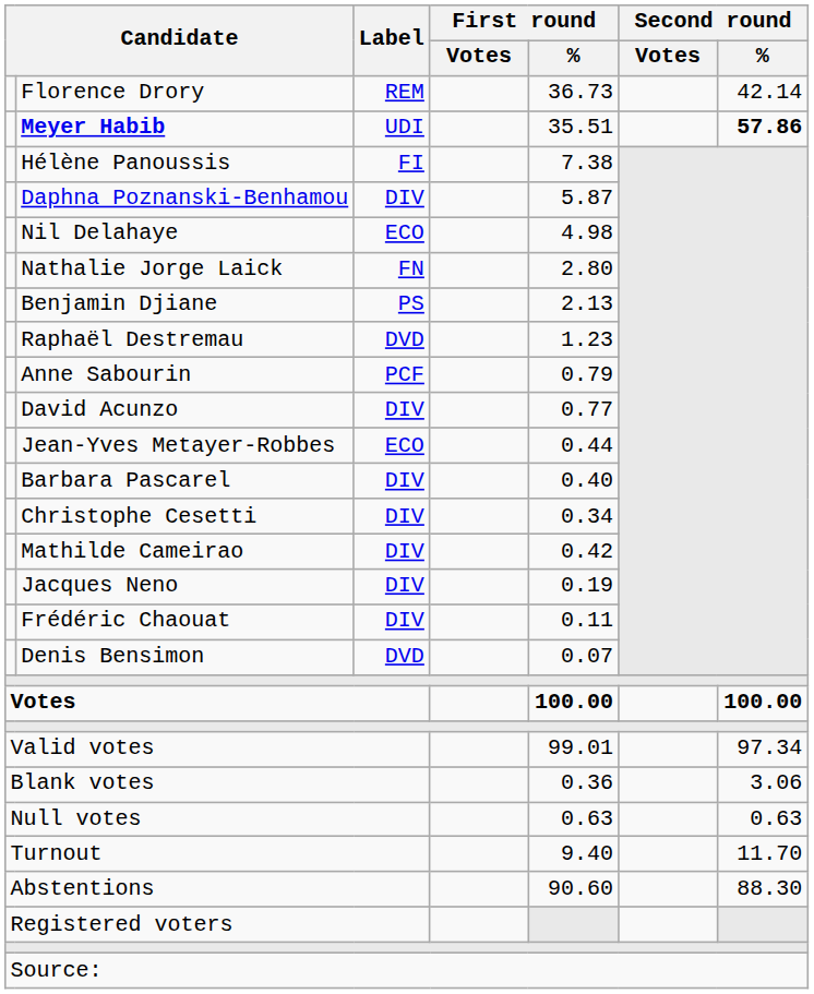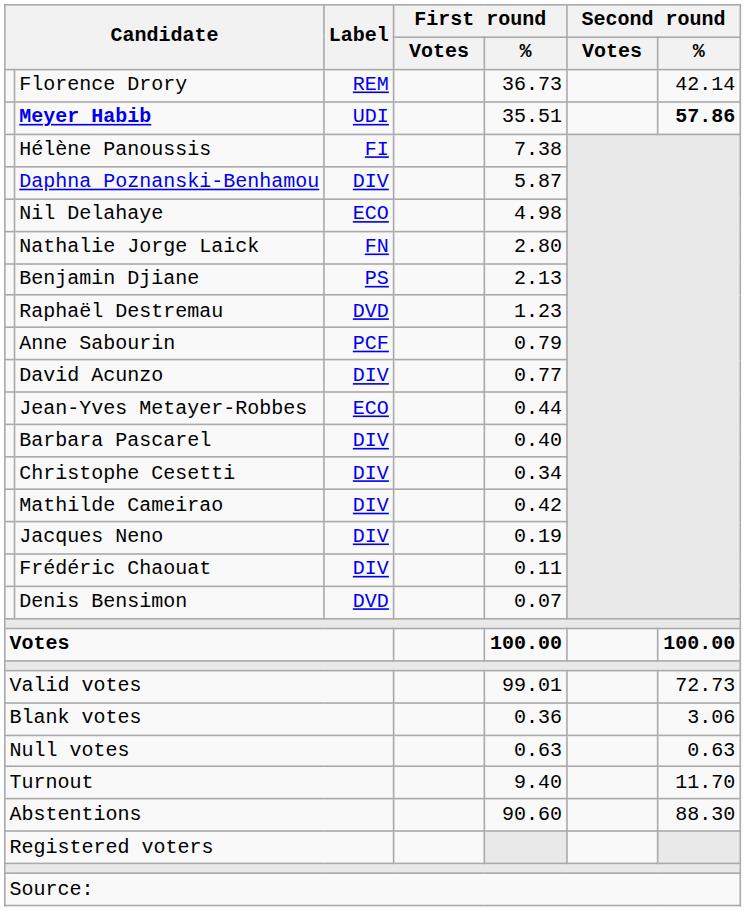 <table class="wikitable" style="text-align:right;font-size:95%;">
 <tr>
 <th rowspan="2" colspan="2">Candidate</th>
 <th rowspan="2">Label</th>
 <th colspan="2">First round</th>
 <th colspan="2">Second round</th>
 </tr>
 <tr>
 <th style="width:50px;">Votes</th>
 <th style="width:45px;">%</th>
 <th style="width:50px;">Votes</th>
 <th style="width:45px;">%</th>
 </tr>
 <tr>
 <td style="color:inherit;background:"></td>
 <td style="text-align:left;">Florence Drory</td>
 <td><a href='#'>REM</a></td>
 <td></td>
 <td>36.73</td>
 <td></td>
 <td>42.14</td>
 </tr>
 <tr>
 <td style="color:inherit;background:"></td>
 <td style="text-align:left;"><strong><a href='#'>Meyer Habib</a></strong></td>
 <td><a href='#'>UDI</a></td>
 <td></td>
 <td>35.51</td>
 <td><strong></strong></td>
 <td><strong>57.86</strong></td>
 </tr>
 <tr>
 <td style="color:inherit;background:"></td>
 <td style="text-align:left;">Hélène Panoussis</td>
 <td><a href='#'>FI</a></td>
 <td></td>
 <td>7.38</td>
 <td colspan="2" rowspan="15" style="background:#E9E9E9;"></td>
 </tr>
 <tr>
 <td style="color:inherit;background:"></td>
 <td style="text-align:left;"><a href='#'>Daphna Poznanski-Benhamou</a></td>
 <td><a href='#'>DIV</a></td>
 <td></td>
 <td>5.87</td>
 </tr>
 <tr>
 <td style="color:inherit;background:"></td>
 <td style="text-align:left;">Nil Delahaye</td>
 <td><a href='#'>ECO</a></td>
 <td></td>
 <td>4.98</td>
 </tr>
 <tr>
 <td style="color:inherit;background:"></td>
 <td style="text-align:left;">Nathalie Jorge Laick</td>
 <td><a href='#'>FN</a></td>
 <td></td>
 <td>2.80</td>
 </tr>
 <tr>
 <td style="color:inherit;background:"></td>
 <td style="text-align:left;">Benjamin Djiane</td>
 <td><a href='#'>PS</a></td>
 <td></td>
 <td>2.13</td>
 </tr>
 <tr>
 <td style="color:inherit;background:"></td>
 <td style="text-align:left;">Raphaël Destremau</td>
 <td><a href='#'>DVD</a></td>
 <td></td>
 <td>1.23</td>
 </tr>
 <tr>
 <td style="color:inherit;background:"></td>
 <td style="text-align:left;">Anne Sabourin</td>
 <td><a href='#'>PCF</a></td>
 <td></td>
 <td>0.79</td>
 </tr>
 <tr>
 <td style="color:inherit;background:"></td>
 <td style="text-align:left;">David Acunzo</td>
 <td><a href='#'>DIV</a></td>
 <td></td>
 <td>0.77</td>
 </tr>
 <tr>
 <td style="color:inherit;background:"></td>
 <td style="text-align:left;">Jean-Yves Metayer-Robbes</td>
 <td><a href='#'>ECO</a></td>
 <td></td>
 <td>0.44</td>
 </tr>
 <tr>
 <td style="color:inherit;background:"></td>
 <td style="text-align:left;">Barbara Pascarel</td>
 <td><a href='#'>DIV</a></td>
 <td></td>
 <td>0.40</td>
 </tr>
 <tr>
 <td style="color:inherit;background:"></td>
 <td style="text-align:left;">Christophe Cesetti</td>
 <td><a href='#'>DIV</a></td>
 <td></td>
 <td>0.34</td>
 </tr>
 <tr>
 <td style="color:inherit;background:"></td>
 <td style="text-align:left;">Mathilde Cameirao</td>
 <td><a href='#'>DIV</a></td>
 <td></td>
 <td>0.42</td>
 </tr>
 <tr>
 <td style="color:inherit;background:"></td>
 <td style="text-align:left;">Jacques Neno</td>
 <td><a href='#'>DIV</a></td>
 <td></td>
 <td>0.19</td>
 </tr>
 <tr>
 <td style="color:inherit;background:"></td>
 <td style="text-align:left;">Frédéric Chaouat</td>
 <td><a href='#'>DIV</a></td>
 <td></td>
 <td>0.11</td>
 </tr>
 <tr>
 <td style="color:inherit;background:"></td>
 <td style="text-align:left;">Denis Bensimon</td>
 <td><a href='#'>DVD</a></td>
 <td></td>
 <td>0.07</td>
 </tr>
 <tr>
 <td colspan="7" style="background:#E9E9E9;"></td>
 </tr>
 <tr style="font-weight:bold;">
 <td colspan="3" style="text-align:left;">Votes</td>
 <td></td>
 <td>100.00</td>
 <td></td>
 <td>100.00</td>
 </tr>
 <tr>
 <td colspan="7" style="background:#E9E9E9;"></td>
 </tr>
 <tr>
 <td colspan="3" style="text-align:left;">Valid votes</td>
 <td></td>
 <td>99.01</td>
 <td></td>
-<td>97.34</td>
+<td>72.73</td>
 </tr>
 <tr>
 <td colspan="3" style="text-align:left;">Blank votes</td>
 <td></td>
 <td>0.36</td>
 <td></td>
 <td>3.06</td>
 </tr>
 <tr>
 <td colspan="3" style="text-align:left;">Null votes</td>
 <td></td>
 <td>0.63</td>
 <td></td>
 <td>0.63</td>
 </tr>
 <tr>
 <td colspan="3" style="text-align:left;">Turnout</td>
 <td></td>
 <td>9.40</td>
 <td></td>
 <td>11.70</td>
 </tr>
 <tr>
 <td colspan="3" style="text-align:left;">Abstentions</td>
 <td></td>
 <td>90.60</td>
 <td></td>
 <td>88.30</td>
 </tr>
 <tr>
 <td colspan="3" style="text-align:left;">Registered voters</td>
 <td></td>
 <td style="background:#E9E9E9;"></td>
 <td></td>
 <td style="background:#E9E9E9;"></td>
 </tr>
 <tr>
 <td colspan="7" style="background:#E9E9E9;"></td>
 </tr>
 <tr>
 <td colspan="7" style="text-align:left;">Source: </td>
 </tr>
 </table>
